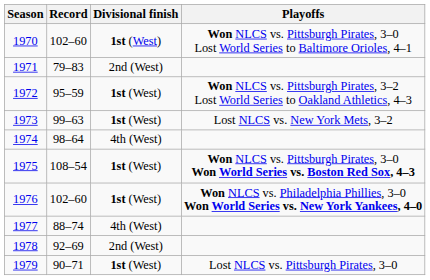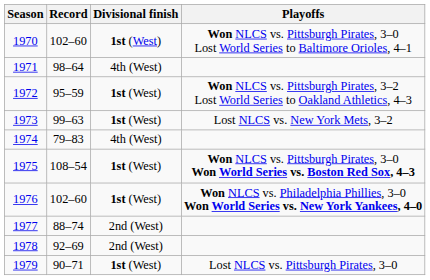 <table class="wikitable" style="text-align:center;">
 <tr>
 <th>Season</th>
 <th>Record</th>
 <th>Divisional finish</th>
 <th>Playoffs</th>
 </tr>
 <tr align="center">
 <td><a href='#'>1970</a></td>
 <td>102–60</td>
 <td><strong>1st</strong> (<a href='#'>West</a>)</td>
 <td><strong>Won</strong> <a href='#'>NLCS</a> vs. <a href='#'>Pittsburgh Pirates</a>, 3–0<br>Lost <a href='#'>World Series</a> to <a href='#'>Baltimore Orioles</a>, 4–1</td>
 </tr>
 <tr>
 <td><a href='#'>1971</a></td>
-<td>79–83</td>
-<td>2nd (West)</td>
+<td>98–64</td>
+<td>4th (West)</td>
 <td></td>
 </tr>
 <tr align="center">
 <td><a href='#'>1972</a></td>
 <td>95–59</td>
 <td><strong>1st</strong> (West)</td>
 <td><strong>Won</strong> <a href='#'>NLCS</a> vs. <a href='#'>Pittsburgh Pirates</a>, 3–2<br>Lost <a href='#'>World Series</a> to <a href='#'>Oakland Athletics</a>, 4–3</td>
 </tr>
 <tr>
 <td><a href='#'>1973</a></td>
 <td>99–63</td>
 <td><strong>1st</strong> (West)</td>
 <td>Lost <a href='#'>NLCS</a> vs. <a href='#'>New York Mets</a>, 3–2</td>
 </tr>
 <tr>
 <td><a href='#'>1974</a></td>
-<td>98–64</td>
+<td>79–83</td>
 <td>4th (West)</td>
 <td></td>
 </tr>
 <tr align="center">
 <td><a href='#'>1975</a></td>
 <td>108–54</td>
 <td><strong>1st</strong> (West)</td>
 <td><strong>Won</strong> <a href='#'>NLCS</a> vs. <a href='#'>Pittsburgh Pirates</a>, 3–0<br><strong>Won <a href='#'>World Series</a> vs. <a href='#'>Boston Red Sox</a>, 4–3</strong></td>
 </tr>
 <tr align="center">
 <td><a href='#'>1976</a></td>
 <td>102–60</td>
 <td><strong>1st</strong> (West)</td>
 <td><strong>Won</strong> <a href='#'>NLCS</a> vs. <a href='#'>Philadelphia Phillies</a>, 3–0<br><strong>Won <a href='#'>World Series</a> vs. <a href='#'>New York Yankees</a>, 4–0</strong></td>
 </tr>
 <tr align="center">
 <td><a href='#'>1977</a></td>
 <td>88–74</td>
-<td>4th (West)</td>
+<td>2nd (West)</td>
 <td></td>
 </tr>
 <tr align="center">
 <td><a href='#'>1978</a></td>
 <td>92–69</td>
 <td>2nd (West)</td>
 <td></td>
 </tr>
 <tr align="center">
 <td><a href='#'>1979</a></td>
 <td>90–71</td>
 <td><strong>1st</strong> (West)</td>
 <td>Lost <a href='#'>NLCS</a> vs. <a href='#'>Pittsburgh Pirates</a>, 3–0</td>
 </tr>
 </table>
